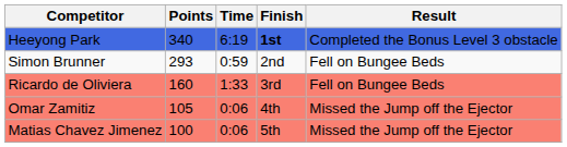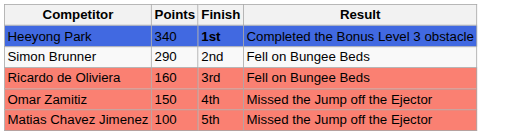 <table class="wikitable sortable">
 <tr>
 <th nowrap="nowrap">Competitor</th>
 <th>Points</th>
-<th>Time</th>
 <th>Finish</th>
 <th>Result</th>
 </tr>
 <tr style="background:royalblue;">
 <td> Heeyong Park</td>
 <td>340</td>
-<td>6:19</td>
 <td><strong>1st</strong></td>
 <td>Completed the Bonus Level 3 obstacle</td>
 </tr>
 <tr>
 <td> Simon Brunner</td>
-<td>293</td>
-<td>0:59</td>
+<td>290</td>
 <td>2nd</td>
 <td>Fell on Bungee Beds</td>
 </tr>
 <tr style="background-color:#fa8072">
 <td> Ricardo de Oliviera</td>
 <td>160</td>
-<td>1:33</td>
 <td>3rd</td>
 <td>Fell on Bungee Beds</td>
 </tr>
 <tr style="background-color:#fa8072">
 <td> Omar Zamitiz</td>
-<td>105</td>
-<td>0:06</td>
+<td>150</td>
 <td>4th</td>
 <td>Missed the Jump off the Ejector</td>
 </tr>
 <tr style="background-color:#fa8072">
 <td> Matias Chavez Jimenez</td>
 <td>100</td>
-<td>0:06</td>
 <td>5th</td>
 <td>Missed the Jump off the Ejector</td>
 </tr>
 </table>
